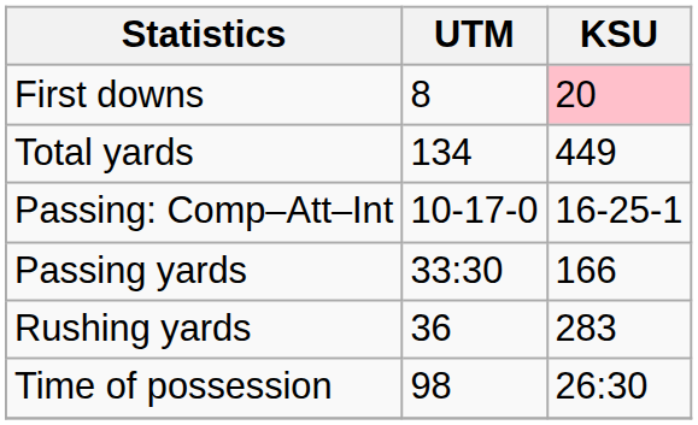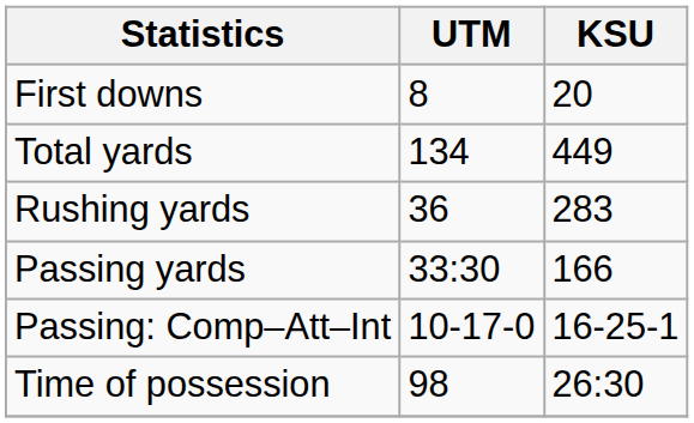 <table class="wikitable" style="float: left;">
 <tr>
 <th>Statistics</th>
 <th>UTM</th>
 <th>KSU</th>
 </tr>
 <tr>
 <td>First downs</td>
 <td>8</td>
-<td style="background: pink;">20</td>
+<td>20</td>
 </tr>
 <tr>
 <td>Total yards</td>
 <td>134</td>
 <td>449</td>
 </tr>
 <tr>
-<td>Passing: Comp–Att–Int</td>
-<td>10-17-0</td>
-<td>16-25-1</td>
+<td>Rushing yards</td>
+<td>36</td>
+<td>283</td>
 </tr>
 <tr>
 <td>Passing yards</td>
 <td>33:30</td>
 <td>166</td>
 </tr>
 <tr>
-<td>Rushing yards</td>
-<td>36</td>
-<td>283</td>
+<td>Passing: Comp–Att–Int</td>
+<td>10-17-0</td>
+<td>16-25-1</td>
 </tr>
 <tr>
 <td>Time of possession</td>
 <td>98</td>
 <td>26:30</td>
 </tr>
 <tr>
 </tr>
 </table>
